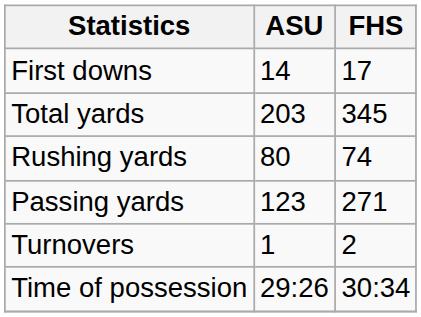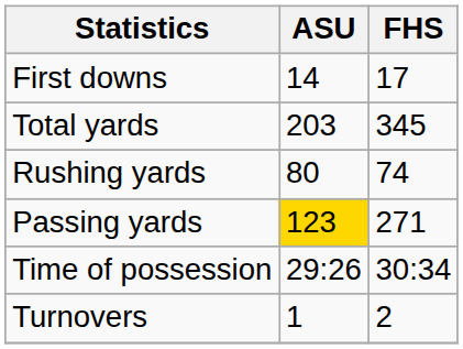 <table class="wikitable" style="float: left;">
 <tr>
 <th>Statistics</th>
 <th>ASU</th>
 <th>FHS</th>
 </tr>
 <tr>
 <td>First downs</td>
 <td>14</td>
 <td>17</td>
 </tr>
 <tr>
 <td>Total yards</td>
 <td>203</td>
 <td>345</td>
 </tr>
 <tr>
 <td>Rushing yards</td>
 <td>80</td>
 <td>74</td>
 </tr>
 <tr>
 <td>Passing yards</td>
-<td>123</td>
+<td style="background: gold;">123</td>
 <td>271</td>
+</tr>
+<tr>
+<td>Time of possession</td>
+<td>29:26</td>
+<td>30:34</td>
 </tr>
 <tr>
 <td>Turnovers</td>
 <td>1</td>
 <td>2</td>
 </tr>
 <tr>
-<td>Time of possession</td>
-<td>29:26</td>
-<td>30:34</td>
-</tr>
-<tr>
 </tr>
 </table>
